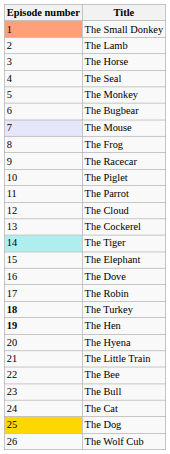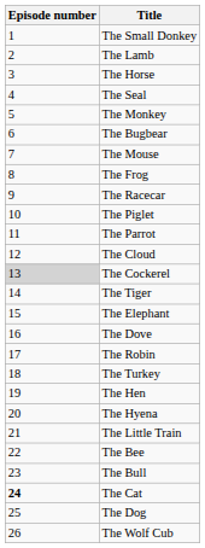 <table class="wikitable sortable">
 <tr>
 <th>Episode number</th>
 <th>Title</th>
 </tr>
 <tr>
-<td style="background: lightsalmon;">1</td>
+<td>1</td>
 <td>The Small Donkey</td>
 </tr>
 <tr>
 <td>2</td>
 <td>The Lamb</td>
 </tr>
 <tr>
 <td>3</td>
 <td>The Horse</td>
 </tr>
 <tr>
 <td>4</td>
 <td>The Seal</td>
 </tr>
 <tr>
 <td>5</td>
 <td>The Monkey</td>
 </tr>
 <tr>
 <td>6</td>
 <td>The Bugbear</td>
 </tr>
 <tr>
-<td style="background: lavender;">7</td>
+<td>7</td>
 <td>The Mouse</td>
 </tr>
 <tr>
 <td>8</td>
 <td>The Frog</td>
 </tr>
 <tr>
 <td>9</td>
 <td>The Racecar</td>
 </tr>
 <tr>
 <td>10</td>
 <td>The Piglet</td>
 </tr>
 <tr>
 <td>11</td>
 <td>The Parrot</td>
 </tr>
 <tr>
 <td>12</td>
 <td>The Cloud</td>
 </tr>
 <tr>
-<td>13</td>
+<td style="background: lightgrey;">13</td>
 <td>The Cockerel</td>
 </tr>
 <tr>
-<td style="background: paleturquoise;">14</td>
+<td>14</td>
 <td>The Tiger</td>
 </tr>
 <tr>
 <td>15</td>
 <td>The Elephant</td>
 </tr>
 <tr>
 <td>16</td>
 <td>The Dove</td>
 </tr>
 <tr>
 <td>17</td>
 <td>The Robin</td>
 </tr>
 <tr>
-<td><strong>18</strong></td>
+<td>18</td>
 <td>The Turkey</td>
 </tr>
 <tr>
-<td><strong>19</strong></td>
+<td>19</td>
 <td>The Hen</td>
 </tr>
 <tr>
 <td>20</td>
 <td>The Hyena</td>
 </tr>
 <tr>
 <td>21</td>
 <td>The Little Train</td>
 </tr>
 <tr>
 <td>22</td>
 <td>The Bee</td>
 </tr>
 <tr>
 <td>23</td>
 <td>The Bull</td>
 </tr>
 <tr>
-<td>24</td>
+<td><strong>24</strong></td>
 <td>The Cat</td>
 </tr>
 <tr>
-<td style="background: gold;">25</td>
+<td>25</td>
 <td>The Dog</td>
 </tr>
 <tr>
 <td>26</td>
 <td>The Wolf Cub</td>
 </tr>
 </table>
